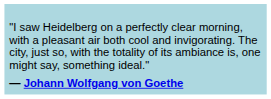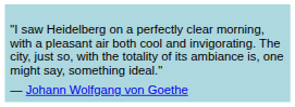 <table class="toccolours" style="float: right; margin-left: 1em; margin-right: 2em; font-size: 85%; background:#ADD8E0; color:black; width:30em; max-width: 25%;" cellspacing="5">
 <tr>
 <td style="text-align: left;"><br>"I saw Heidelberg on a perfectly clear morning, with a pleasant air both cool and invigorating. The city, just so, with the totality of its ambiance is, one might say, something ideal."</td>
 </tr>
 <tr>
-<td style="text-align: left;"><strong>— <a href='#'>Johann Wolfgang von Goethe</a></strong></td>
+<td style="text-align: left;">— <a href='#'>Johann Wolfgang von Goethe</a></td>
 </tr>
 </table>
